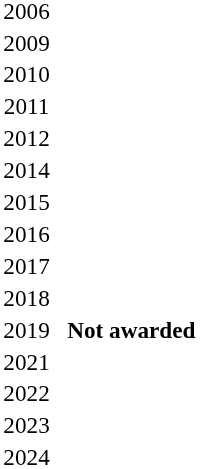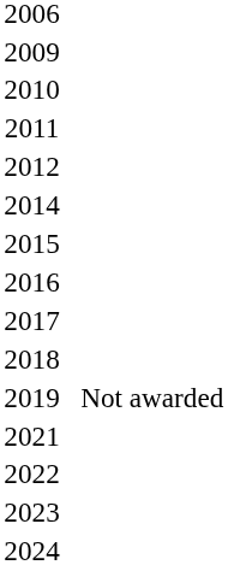 <table>
 <tr>
 <td align="center">2006</td>
 <td></td>
 <td></td>
 <td><br></td>
 </tr>
 <tr>
 <td align="center">2009</td>
 <td></td>
 <td></td>
 <td></td>
 </tr>
 <tr>
 <td align="center">2010</td>
 <td></td>
 <td></td>
 <td></td>
 </tr>
 <tr>
 <td align="center">2011</td>
 <td></td>
 <td></td>
 <td></td>
 </tr>
 <tr>
 <td align="center">2012</td>
 <td></td>
 <td></td>
 <td></td>
 </tr>
 <tr>
 <td align="center">2014</td>
 <td></td>
 <td></td>
 <td></td>
 </tr>
 <tr>
 <td align="center">2015</td>
 <td></td>
 <td></td>
 <td><br></td>
 </tr>
 <tr>
 <td align="center">2016</td>
 <td></td>
 <td></td>
 <td></td>
 </tr>
 <tr>
 <td align="center">2017</td>
 <td></td>
 <td></td>
 <td></td>
 </tr>
 <tr>
 <td align="center">2018</td>
 <td></td>
 <td></td>
 <td></td>
 </tr>
 <tr>
 <td align="center">2019</td>
 <td></td>
 <td></td>
-<td><strong>Not awarded</strong></td>
+<td>Not awarded</td>
 </tr>
 <tr>
 <td align="center">2021</td>
 <td></td>
 <td></td>
 <td></td>
 </tr>
 <tr>
 <td align="center">2022</td>
 <td></td>
 <td></td>
 <td></td>
 </tr>
 <tr>
 <td align="center">2023</td>
 <td></td>
 <td></td>
 <td></td>
 </tr>
 <tr>
 <td align="center">2024</td>
 <td></td>
 <td></td>
 <td></td>
 </tr>
 </table>
